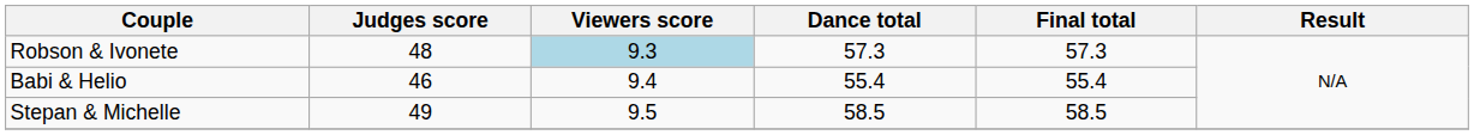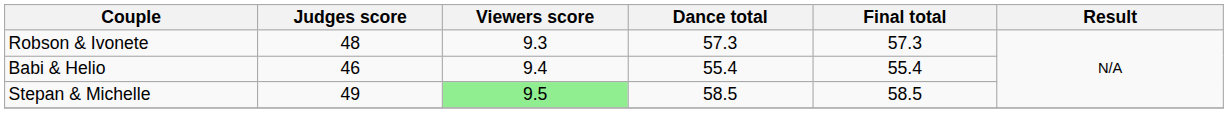 <table class="wikitable" style="font-size:100%; line-height:16px; text-align:center" width="70%">
 <tr>
 <th width=085>Couple</th>
 <th width=060>Judges score</th>
 <th width=060>Viewers score</th>
 <th width=060>Dance total</th>
 <th width=060>Final total</th>
 <th width=075>Result</th>
 </tr>
 <tr>
 <td align="left">Robson & Ivonete</td>
 <td>48</td>
-<td style="background: lightblue;">9.3</td>
+<td>9.3</td>
 <td>57.3</td>
 <td>57.3</td>
 <td rowspan=3><small>N/A</small></td>
 </tr>
 <tr>
 <td align="left">Babi & Helio</td>
 <td>46</td>
 <td>9.4</td>
 <td>55.4</td>
 <td>55.4</td>
 </tr>
 <tr>
 <td align="left">Stepan & Michelle</td>
 <td>49</td>
-<td>9.5</td>
+<td style="background: lightgreen;">9.5</td>
 <td>58.5</td>
 <td>58.5</td>
 </tr>
 <tr>
 </tr>
 </table>
